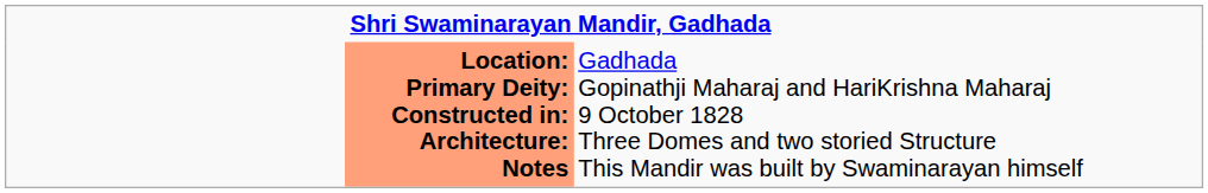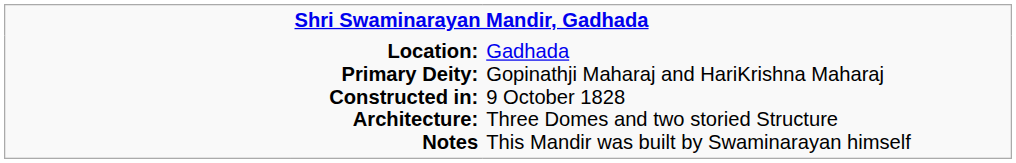 <table class="wikitable plain" border="0" width="800">
 <tr>
 <td width="220px" rowspan="2" style="border:none;"></td>
 <td valign="top" colspan=2 style="border:none;"><strong><a href='#'>Shri Swaminarayan Mandir, Gadhada</a></strong></td>
 </tr>
 <tr>
-<td valign="top" style="background: lightsalmon; text-align:right; border:none;"><strong>Location:</strong> <br><strong>Primary Deity:</strong><br><strong>Constructed in:</strong><br><strong>Architecture:</strong><br><strong>Notes</strong></td>
+<td valign="top" style="text-align:right; border:none;"><strong>Location:</strong> <br><strong>Primary Deity:</strong><br><strong>Constructed in:</strong><br><strong>Architecture:</strong><br><strong>Notes</strong></td>
 <td valign="top" style="border:none;"><a href='#'>Gadhada</a> <br>Gopinathji Maharaj and HariKrishna Maharaj <br>9 October 1828 <br>Three Domes and two storied Structure<br>This Mandir was built by Swaminarayan himself</td>
 </tr>
 </table>
